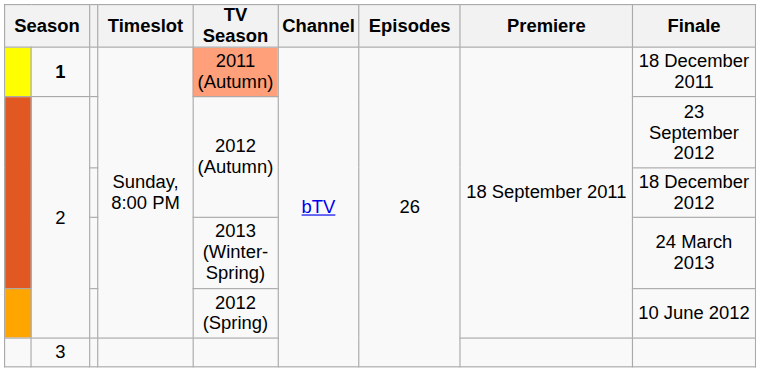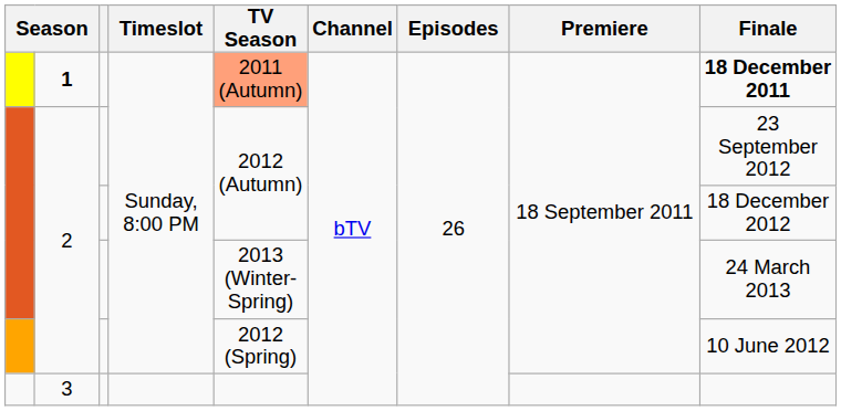 <table class="wikitable" style="text-align:center">
 <tr>
 <th style="padding: 0px 8px" colspan="2">Season</th>
 <th></th>
 <th style="padding: 0px 8px">Timeslot</th>
 <th style="padding: 0px 8px">TV Season</th>
 <th>Channel</th>
 <th style="padding: 0px 8px">Episodes</th>
 <th style="padding: 0px 40px">Premiere</th>
 <th style="padding: 0px 30px">Finale</th>
 </tr>
 <tr>
 <td bgcolor="yellow" height="10px"></td>
 <td><strong>1</strong></td>
 <td></td>
 <td rowspan="5">Sunday,<br> 8:00 PM</td>
 <td style="background: lightsalmon;">2011 (Autumn)</td>
 <td rowspan="6"><a href='#'>bTV</a></td>
 <td rowspan="6">26</td>
 <td rowspan="5">18 September 2011</td>
-<td>18 December 2011</td>
+<td><strong>18 December 2011</strong></td>
 </tr>
 <tr>
 <td rowspan="3" bgcolor="#E25822" height="10px"></td>
 <td rowspan="4">2</td>
 <td></td>
 <td rowspan="2">2012 (Autumn)</td>
 <td>23 September 2012</td>
 </tr>
 <tr>
 <td></td>
 <td>18 December 2012</td>
 </tr>
 <tr>
 <td></td>
 <td>2013 (Winter-Spring)</td>
 <td>24 March 2013</td>
 </tr>
 <tr>
 <td bgcolor="orange" height="10px"></td>
 <td></td>
 <td>2012 (Spring)</td>
 <td>10 June 2012</td>
 </tr>
 <tr>
 <td></td>
 <td>3</td>
 <td></td>
 <td></td>
 <td></td>
 <td></td>
 <td></td>
 </tr>
 </table>
